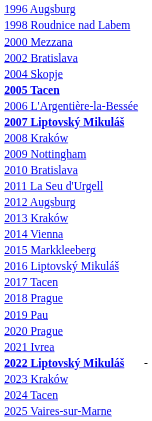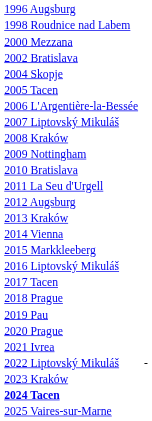 <table>
 <tr>
 <td><a href='#'>1996 Augsburg</a></td>
 <td></td>
 <td></td>
 <td></td>
 </tr>
 <tr>
 <td><a href='#'>1998 Roudnice nad Labem</a></td>
 <td></td>
 <td></td>
 <td></td>
 </tr>
 <tr>
 <td><a href='#'>2000 Mezzana</a></td>
 <td></td>
 <td></td>
 <td></td>
 </tr>
 <tr>
 <td><a href='#'>2002 Bratislava</a></td>
 <td></td>
 <td></td>
 <td></td>
 </tr>
 <tr>
 <td><a href='#'>2004 Skopje</a></td>
 <td></td>
 <td></td>
 <td></td>
 </tr>
 <tr>
-<td><strong><a href='#'>2005 Tacen</a></strong></td>
+<td><a href='#'>2005 Tacen</a></td>
 <td></td>
 <td></td>
 <td></td>
 </tr>
 <tr>
 <td><a href='#'>2006 L'Argentière-la-Bessée</a></td>
 <td></td>
 <td></td>
 <td></td>
 </tr>
 <tr>
-<td><strong><a href='#'>2007 Liptovský Mikuláš</a></strong></td>
+<td><a href='#'>2007 Liptovský Mikuláš</a></td>
 <td></td>
 <td></td>
 <td></td>
 </tr>
 <tr>
 <td><a href='#'>2008 Kraków</a></td>
 <td></td>
 <td></td>
 <td></td>
 </tr>
 <tr>
 <td><a href='#'>2009 Nottingham</a></td>
 <td></td>
 <td></td>
 <td></td>
 </tr>
 <tr>
 <td><a href='#'>2010 Bratislava</a></td>
 <td></td>
 <td></td>
 <td></td>
 </tr>
 <tr>
 <td><a href='#'>2011 La Seu d'Urgell</a></td>
 <td></td>
 <td></td>
 <td></td>
 </tr>
 <tr>
 <td><a href='#'>2012 Augsburg</a></td>
 <td></td>
 <td></td>
 <td></td>
 </tr>
 <tr>
 <td><a href='#'>2013 Kraków</a></td>
 <td></td>
 <td></td>
 <td></td>
 </tr>
 <tr>
 <td><a href='#'>2014 Vienna</a></td>
 <td></td>
 <td></td>
 <td></td>
 </tr>
 <tr>
 <td><a href='#'>2015 Markkleeberg</a></td>
 <td></td>
 <td></td>
 <td></td>
 </tr>
 <tr>
 <td><a href='#'>2016 Liptovský Mikuláš</a></td>
 <td></td>
 <td></td>
 <td></td>
 </tr>
 <tr>
 <td><a href='#'>2017 Tacen</a></td>
 <td></td>
 <td></td>
 <td></td>
 </tr>
 <tr>
 <td><a href='#'>2018 Prague</a></td>
 <td></td>
 <td></td>
 <td></td>
 </tr>
 <tr>
 <td><a href='#'>2019 Pau</a></td>
 <td></td>
 <td></td>
 <td></td>
 </tr>
 <tr>
 <td><a href='#'>2020 Prague</a></td>
 <td></td>
 <td></td>
 <td></td>
 </tr>
 <tr>
 <td><a href='#'>2021 Ivrea</a></td>
 <td></td>
 <td></td>
 <td></td>
 </tr>
 <tr>
-<td><strong><a href='#'>2022 Liptovský Mikuláš</a></strong></td>
+<td><a href='#'>2022 Liptovský Mikuláš</a></td>
 <td><br></td>
 <td>-</td>
 <td></td>
 </tr>
 <tr>
 <td><a href='#'>2023 Kraków</a></td>
 <td></td>
 <td></td>
 <td></td>
 </tr>
 <tr>
-<td><a href='#'>2024 Tacen</a></td>
+<td><strong><a href='#'>2024 Tacen</a></strong></td>
 <td></td>
 <td></td>
 <td></td>
 </tr>
 <tr>
 <td><a href='#'>2025 Vaires-sur-Marne</a></td>
 <td></td>
 <td></td>
 <td></td>
 </tr>
 </table>
